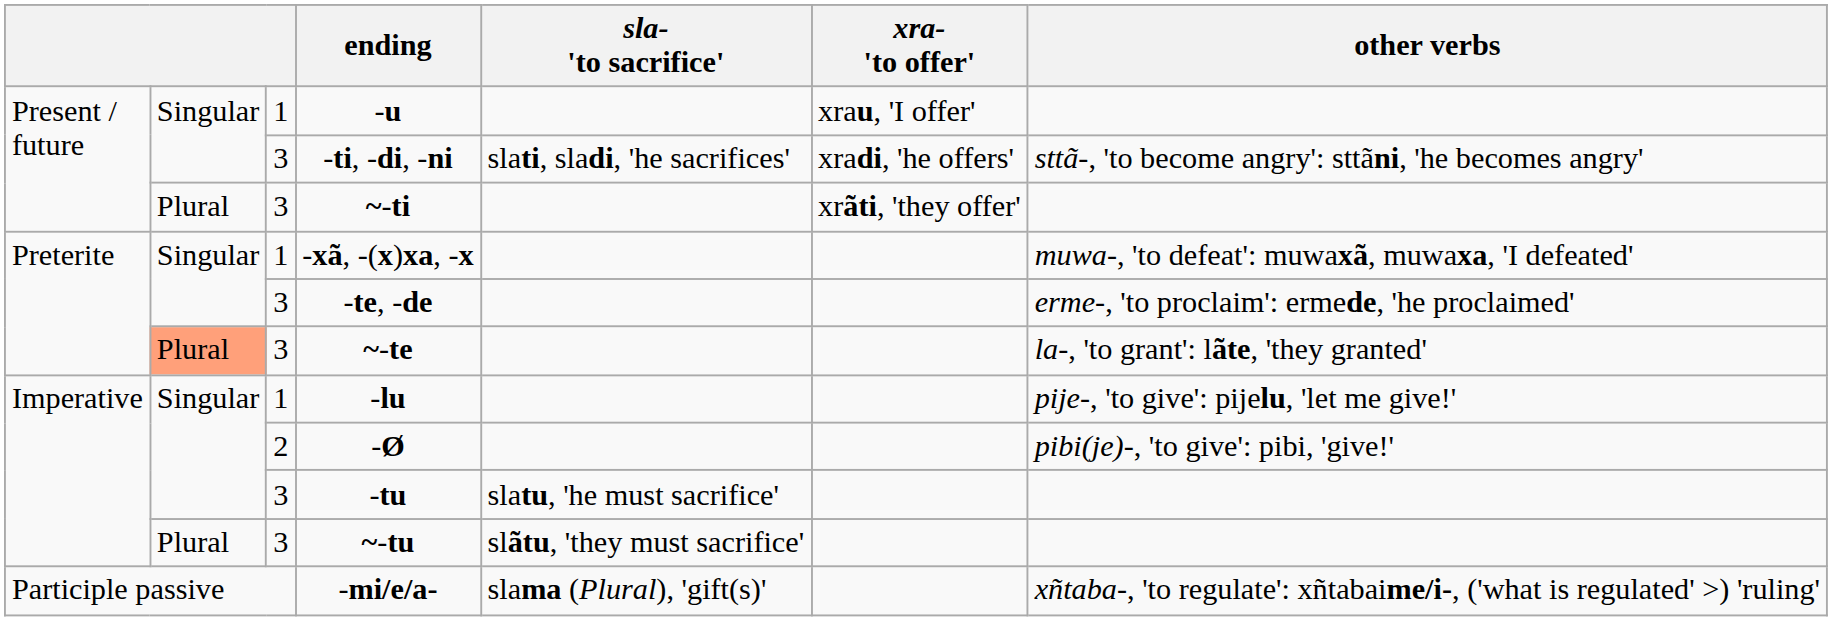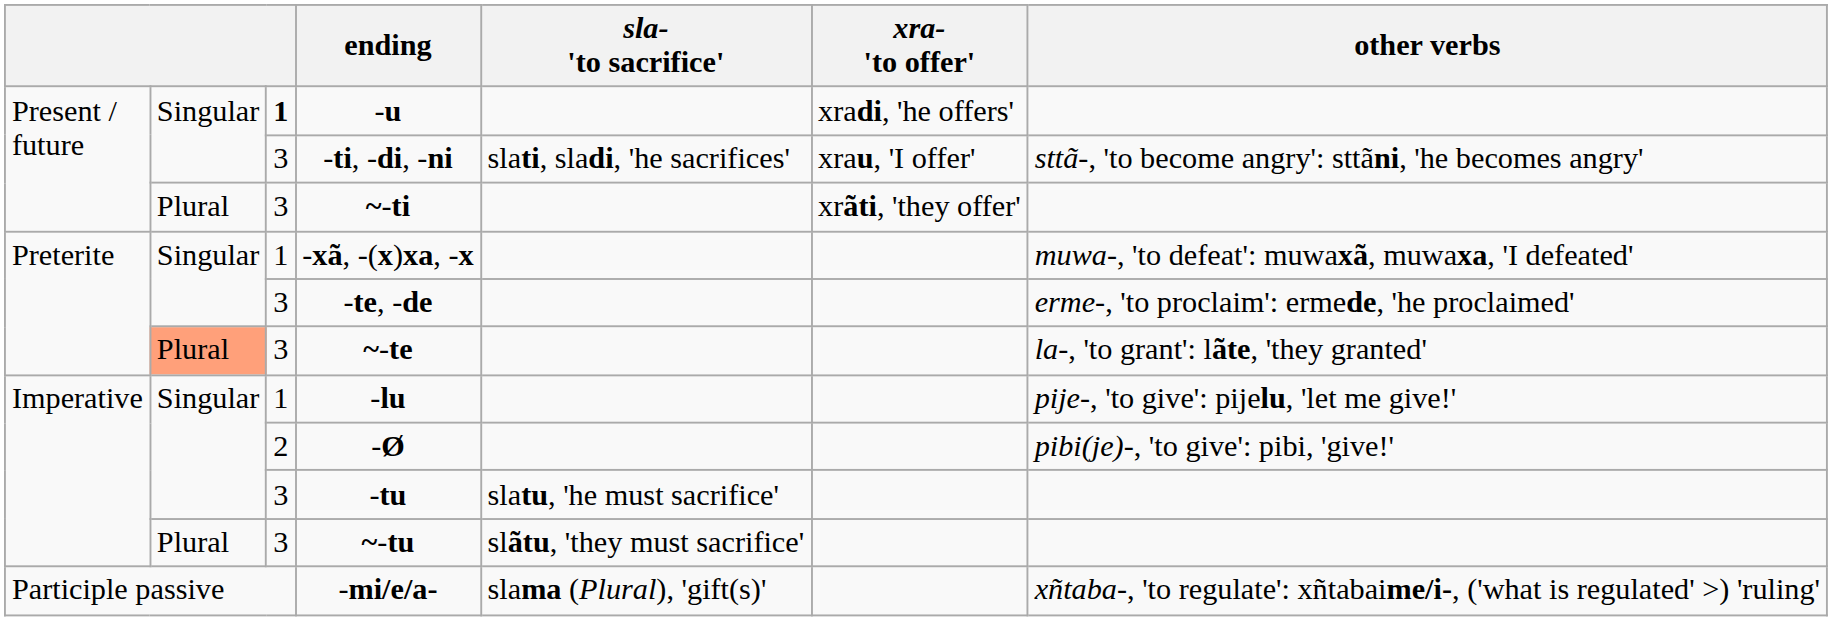 <table class="wikitable">
 <tr>
 <th colspan="3"></th>
 <th>ending</th>
 <th><em>sla-</em><br>'to sacrifice'</th>
 <th><em>xra-</em><br>'to offer'</th>
 <th>other verbs</th>
 </tr>
 <tr>
 <td rowspan="3" valign="top">Present / <br>future</td>
 <td rowspan="2" valign="top">Singular</td>
-<td>1</td>
+<td><strong>1</strong></td>
 <td align="center">-<strong>u</strong></td>
 <td></td>
-<td>xra<strong>u</strong>, 'I offer'</td>
+<td>xra<strong>di</strong>, 'he offers'</td>
 <td></td>
 </tr>
 <tr>
 <td>3</td>
 <td align="center">-<strong>ti</strong>, -<strong>di</strong>, -<strong>ni</strong></td>
 <td>sla<strong>ti</strong>, sla<strong>di</strong>, 'he sacrifices'</td>
-<td>xra<strong>di</strong>, 'he offers'</td>
+<td>xra<strong>u</strong>, 'I offer'</td>
 <td><em>sttã-</em>, 'to become angry': sttã<strong>ni</strong>, 'he becomes angry'</td>
 </tr>
 <tr>
 <td>Plural</td>
 <td>3</td>
 <td align="center"><strong>~</strong>-<strong>ti</strong></td>
 <td></td>
 <td>xr<strong>ãti</strong>, 'they offer'</td>
 <td></td>
 </tr>
 <tr>
 <td rowspan="3" valign="top">Preterite</td>
 <td rowspan="2" valign="top">Singular</td>
 <td>1</td>
 <td align="center">-<strong>xã</strong>, -(<strong>x</strong>)<strong>xa</strong>, -<strong>x</strong></td>
 <td></td>
 <td></td>
 <td><em>muwa-</em>, 'to defeat': muwa<strong>xã</strong>, muwa<strong>xa</strong>, 'I defeated'</td>
 </tr>
 <tr>
 <td>3</td>
 <td align="center">-<strong>te</strong>, -<strong>de</strong></td>
 <td></td>
 <td></td>
 <td><em>erme-</em>, 'to proclaim': erme<strong>de</strong>, 'he proclaimed'</td>
 </tr>
 <tr>
 <td style="background: lightsalmon;">Plural</td>
 <td>3</td>
 <td align="center"><strong>~</strong>-<strong>te</strong></td>
 <td></td>
 <td></td>
 <td><em>la-</em>, 'to grant': l<strong>ãte</strong>, 'they granted'</td>
 </tr>
 <tr>
 <td rowspan="4" valign="top">Imperative</td>
 <td rowspan="3" valign="top">Singular</td>
 <td>1</td>
 <td align="center">-<strong>lu</strong></td>
 <td></td>
 <td></td>
 <td><em>pije-</em>, 'to give': pije<strong>lu</strong>, 'let me give!'</td>
 </tr>
 <tr>
 <td>2</td>
 <td align="center">-<strong>Ø</strong></td>
 <td></td>
 <td></td>
 <td><em>pibi(je)-</em>, 'to give': pibi, 'give!'</td>
 </tr>
 <tr>
 <td>3</td>
 <td align="center">-<strong>tu</strong></td>
 <td>sla<strong>tu</strong>, 'he must sacrifice'</td>
 <td></td>
 <td></td>
 </tr>
 <tr>
 <td>Plural</td>
 <td>3</td>
 <td align="center"><strong>~</strong>-<strong>tu</strong></td>
 <td>sl<strong>ãtu</strong>, 'they must sacrifice'</td>
 <td></td>
 <td></td>
 </tr>
 <tr>
 <td colspan="3">Participle passive</td>
 <td align="center">-<strong>mi/e/a-</strong></td>
 <td>sla<strong>ma</strong> (<em>Plural</em>), 'gift(s)'</td>
 <td></td>
 <td><em>xñtaba-</em>, 'to regulate': xñtabai<strong>me/i-</strong>, ('what is regulated' >) 'ruling'</td>
 </tr>
 </table>
